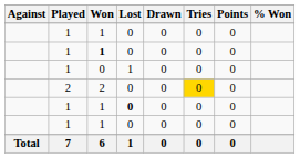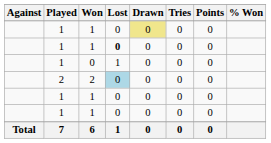 <table class="sortable wikitable" style="text-align: center;">
 <tr>
 </tr>
 <tr>
 <th>Against</th>
 <th>Played</th>
 <th>Won</th>
 <th>Lost</th>
 <th>Drawn</th>
 <th>Tries</th>
 <th>Points</th>
 <th>% Won</th>
 </tr>
 <tr bgcolor="#d0ffd0" align="center">
 </tr>
 <tr>
 <td align="left"></td>
 <td>1</td>
 <td>1</td>
 <td>0</td>
-<td>0</td>
+<td style="background: khaki;">0</td>
 <td>0</td>
 <td>0</td>
 <td></td>
 </tr>
 <tr>
 <td align="left"></td>
 <td>1</td>
-<td><strong>1</strong></td>
-<td>0</td>
+<td>1</td>
+<td><strong>0</strong></td>
 <td>0</td>
 <td>0</td>
 <td>0</td>
 <td></td>
 </tr>
 <tr>
 <td align="left"></td>
 <td>1</td>
 <td>0</td>
 <td>1</td>
 <td>0</td>
 <td>0</td>
 <td>0</td>
 <td></td>
 </tr>
 <tr>
 <td align="left"></td>
 <td>2</td>
 <td>2</td>
+<td style="background: lightblue;">0</td>
 <td>0</td>
 <td>0</td>
-<td style="background: gold;">0</td>
 <td>0</td>
 <td></td>
 </tr>
 <tr>
 <td align="left"></td>
 <td>1</td>
 <td>1</td>
-<td><strong>0</strong></td>
+<td>0</td>
 <td>0</td>
 <td>0</td>
 <td>0</td>
 <td></td>
 </tr>
 <tr>
 <td align="left"></td>
 <td>1</td>
 <td>1</td>
 <td>0</td>
 <td>0</td>
 <td>0</td>
 <td>0</td>
 <td></td>
 </tr>
 <tr>
 </tr>
 <tr class="sortbottom">
 <th>Total</th>
 <th>7</th>
 <th>6</th>
 <th>1</th>
 <th>0</th>
 <th>0</th>
 <th>0</th>
 <th></th>
 </tr>
 </table>
